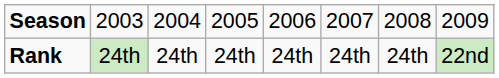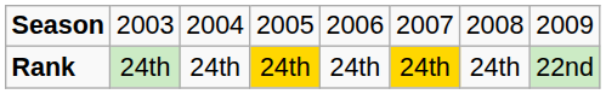 <table class="wikitable">
 <tr>
 <td><strong>Season</strong></td>
 <td>2003</td>
 <td>2004</td>
 <td>2005</td>
 <td>2006</td>
 <td>2007</td>
 <td>2008</td>
 <td>2009</td>
 </tr>
 <tr>
 <td><strong>Rank</strong></td>
 <td style="background:#ccebc5; text-align:center">24th</td>
 <td style="text-align:center">24th</td>
+<td style="background: gold; text-align:center">24th</td>
 <td style="text-align:center">24th</td>
-<td style="text-align:center">24th</td>
-<td style="text-align:center">24th</td>
+<td style="background: gold; text-align:center">24th</td>
 <td style="text-align:center">24th</td>
 <td style="background:#ccebc5; text-align:center">22nd</td>
 </tr>
 </table>
